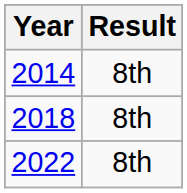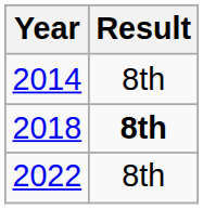 <table class="wikitable" style="text-align:center">
 <tr>
 <th>Year</th>
 <th>Result</th>
 </tr>
 <tr>
 <td><a href='#'>2014</a></td>
 <td>8th</td>
 </tr>
 <tr>
 <td><a href='#'>2018</a></td>
-<td>8th</td>
+<td><strong>8th</strong></td>
 </tr>
 <tr>
 <td><a href='#'>2022</a></td>
 <td>8th</td>
 </tr>
 </table>
